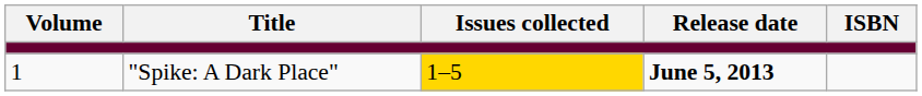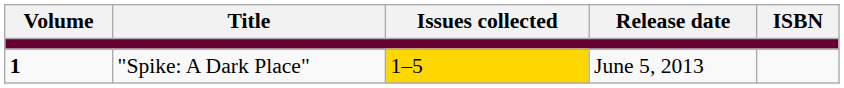 <table class="wikitable" style="width:70%">
 <tr>
 <th>Volume</th>
 <th>Title</th>
 <th>Issues collected</th>
 <th>Release date</th>
 <th>ISBN</th>
 </tr>
 <tr>
 <td colspan="6" style="background:#660033;"></td>
 </tr>
 <tr>
-<td>1</td>
+<td><strong>1</strong></td>
 <td>"Spike: A Dark Place"</td>
 <td style="background: gold;">1–5</td>
-<td><strong>June 5, 2013</strong></td>
+<td>June 5, 2013</td>
 <td></td>
 </tr>
 </table>
